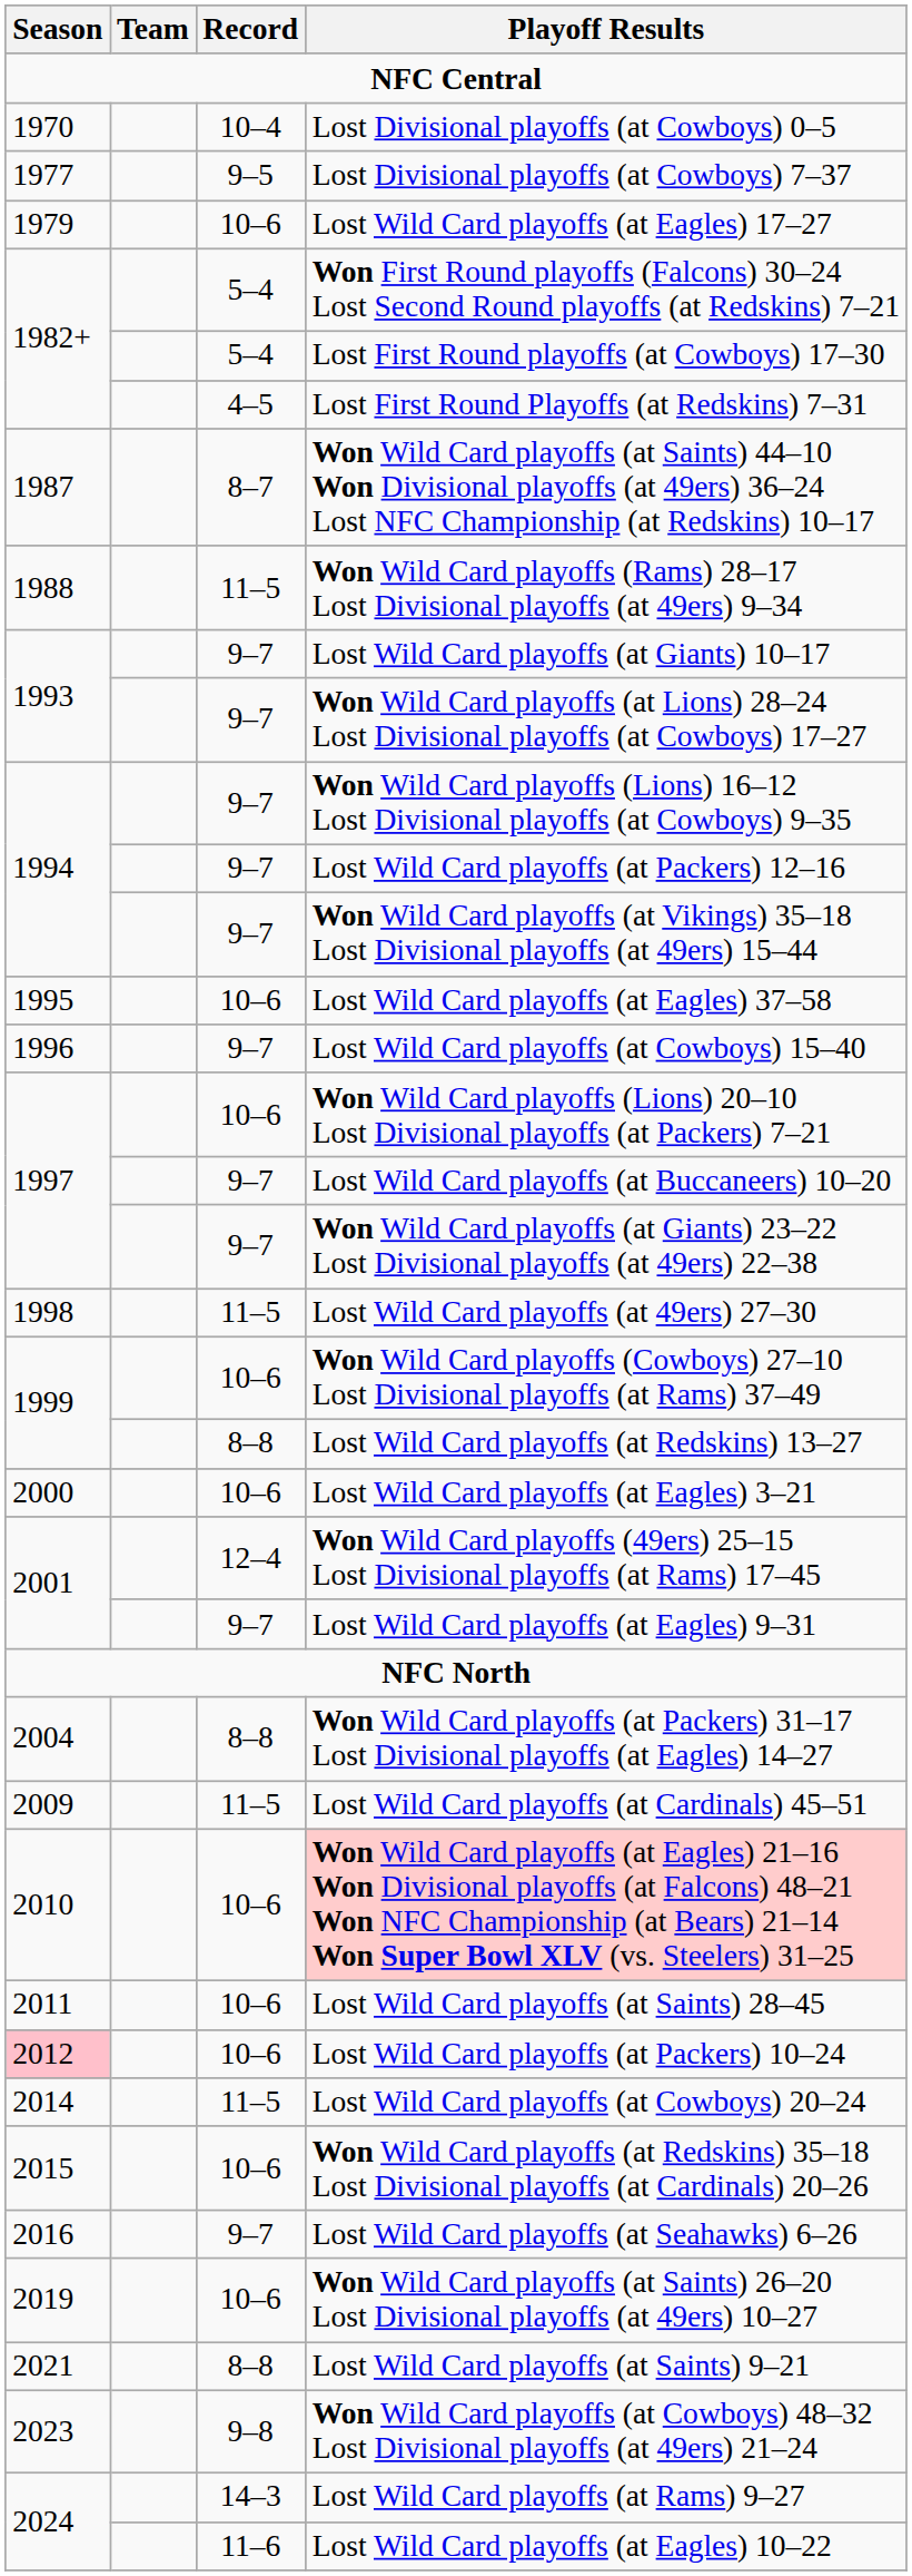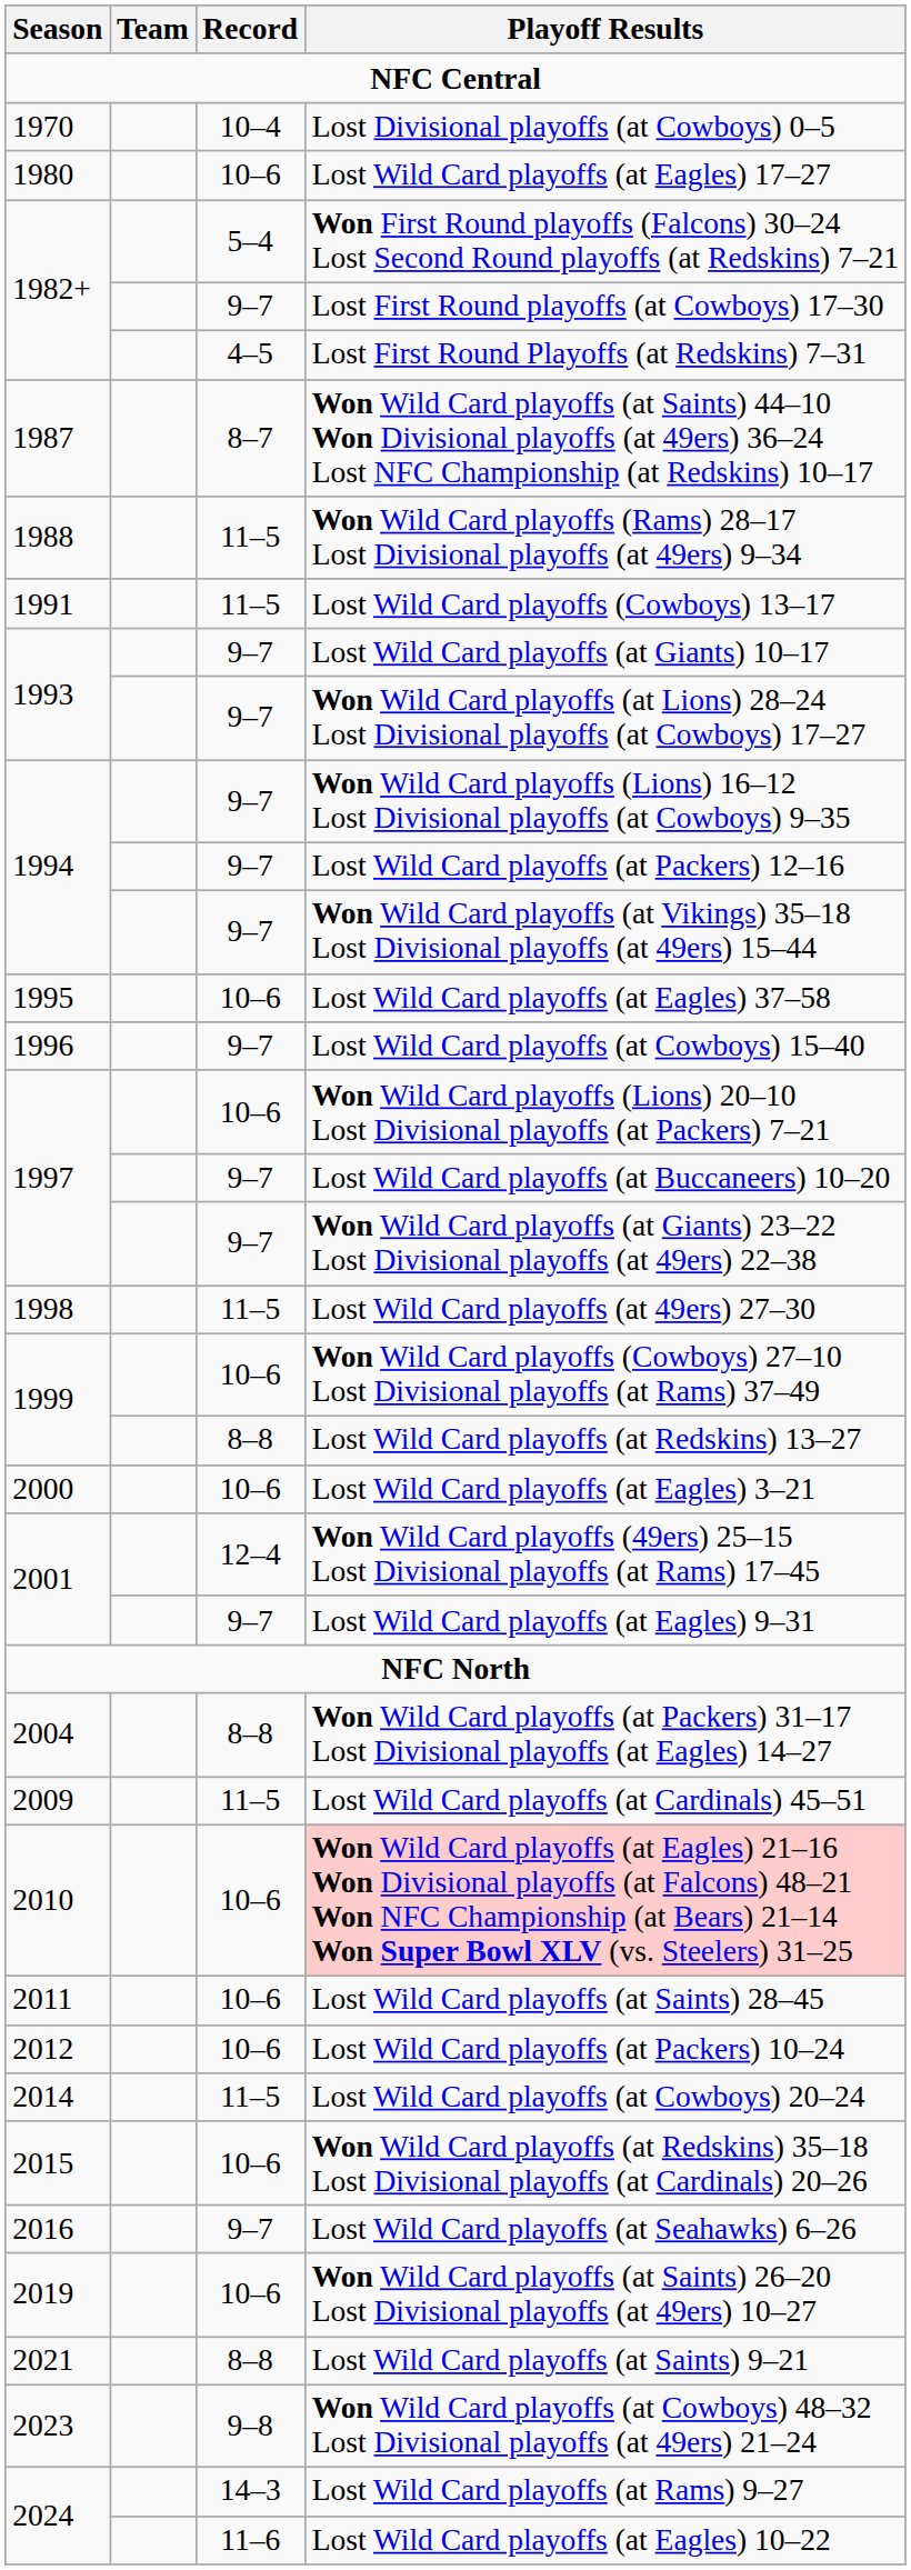 <table class="wikitable">
 <tr>
 <th>Season</th>
 <th>Team</th>
 <th>Record</th>
 <th>Playoff Results</th>
 </tr>
 <tr>
 <td colspan="4" align="center"><strong>NFC Central</strong></td>
 </tr>
 <tr>
 <td>1970</td>
 <td><strong><a href='#'></a></strong></td>
 <td align="center">10–4</td>
 <td>Lost <a href='#'>Divisional playoffs</a> (at <a href='#'>Cowboys</a>) 0–5</td>
 </tr>
 <tr>
-<td>1977</td>
-<td><strong><a href='#'></a></strong></td>
-<td align="center">9–5</td>
-<td>Lost <a href='#'>Divisional playoffs</a> (at <a href='#'>Cowboys</a>) 7–37</td>
-</tr>
-<tr>
-<td>1979</td>
+<td>1980</td>
 <td><strong><a href='#'></a></strong></td>
 <td align="center">10–6</td>
 <td>Lost <a href='#'>Wild Card playoffs</a> (at <a href='#'>Eagles</a>) 17–27</td>
 </tr>
 <tr>
 <td rowspan="3">1982+</td>
 <td><strong><a href='#'></a></strong></td>
 <td align="center">5–4</td>
 <td><strong>Won</strong> <a href='#'>First Round playoffs</a> (<a href='#'>Falcons</a>) 30–24<br>Lost <a href='#'>Second Round playoffs</a> (at <a href='#'>Redskins</a>) 7–21</td>
 </tr>
 <tr>
 <td><strong><a href='#'></a></strong></td>
-<td align="center">5–4</td>
+<td align="center">9–7</td>
 <td>Lost <a href='#'>First Round playoffs</a> (at <a href='#'>Cowboys</a>) 17–30</td>
 </tr>
 <tr>
 <td><strong><a href='#'></a></strong></td>
 <td align="center">4–5</td>
 <td>Lost <a href='#'>First Round Playoffs</a> (at <a href='#'>Redskins</a>) 7–31</td>
 </tr>
 <tr>
 <td>1987</td>
 <td><strong><a href='#'></a></strong></td>
 <td align="center">8–7</td>
 <td><strong>Won</strong> <a href='#'>Wild Card playoffs</a> (at <a href='#'>Saints</a>) 44–10<br><strong>Won</strong> <a href='#'>Divisional playoffs</a> (at <a href='#'>49ers</a>) 36–24<br>Lost <a href='#'>NFC Championship</a> (at <a href='#'>Redskins</a>) 10–17</td>
 </tr>
 <tr>
 <td>1988</td>
 <td><strong><a href='#'></a></strong></td>
 <td align="center">11–5</td>
 <td><strong>Won</strong> <a href='#'>Wild Card playoffs</a> (<a href='#'>Rams</a>) 28–17<br>Lost <a href='#'>Divisional playoffs</a> (at <a href='#'>49ers</a>) 9–34</td>
+</tr>
+<tr>
+<td>1991</td>
+<td><strong><a href='#'></a></strong></td>
+<td align="center">11–5</td>
+<td>Lost <a href='#'>Wild Card playoffs</a> (<a href='#'>Cowboys</a>) 13–17</td>
 </tr>
 <tr>
 <td rowspan="2">1993</td>
 <td><strong><a href='#'></a></strong></td>
 <td align="center">9–7</td>
 <td>Lost <a href='#'>Wild Card playoffs</a> (at <a href='#'>Giants</a>) 10–17</td>
 </tr>
 <tr>
 <td><strong><a href='#'></a></strong></td>
 <td align="center">9–7</td>
 <td><strong>Won</strong> <a href='#'>Wild Card playoffs</a> (at <a href='#'>Lions</a>) 28–24<br>Lost <a href='#'>Divisional playoffs</a> (at <a href='#'>Cowboys</a>) 17–27</td>
 </tr>
 <tr>
 <td rowspan="3">1994</td>
 <td><strong><a href='#'></a></strong></td>
 <td align="center">9–7</td>
 <td><strong>Won</strong> <a href='#'>Wild Card playoffs</a> (<a href='#'>Lions</a>) 16–12<br>Lost <a href='#'>Divisional playoffs</a> (at <a href='#'>Cowboys</a>) 9–35</td>
 </tr>
 <tr>
 <td><strong><a href='#'></a></strong></td>
 <td align="center">9–7</td>
 <td>Lost <a href='#'>Wild Card playoffs</a> (at <a href='#'>Packers</a>) 12–16</td>
 </tr>
 <tr>
 <td><strong><a href='#'></a></strong></td>
 <td align="center">9–7</td>
 <td><strong>Won</strong> <a href='#'>Wild Card playoffs</a> (at <a href='#'>Vikings</a>) 35–18<br>Lost <a href='#'>Divisional playoffs</a> (at <a href='#'>49ers</a>) 15–44</td>
 </tr>
 <tr>
 <td>1995</td>
 <td><strong><a href='#'></a></strong></td>
 <td align="center">10–6</td>
 <td>Lost <a href='#'>Wild Card playoffs</a> (at <a href='#'>Eagles</a>) 37–58</td>
 </tr>
 <tr>
 <td>1996</td>
 <td><strong><a href='#'></a></strong></td>
 <td align="center">9–7</td>
 <td>Lost <a href='#'>Wild Card playoffs</a> (at <a href='#'>Cowboys</a>) 15–40</td>
 </tr>
 <tr>
 <td rowspan="3">1997</td>
 <td><strong><a href='#'></a></strong></td>
 <td align="center">10–6</td>
 <td><strong>Won</strong> <a href='#'>Wild Card playoffs</a> (<a href='#'>Lions</a>) 20–10<br>Lost <a href='#'>Divisional playoffs</a> (at <a href='#'>Packers</a>) 7–21</td>
 </tr>
 <tr>
 <td><strong><a href='#'></a></strong></td>
 <td align="center">9–7</td>
 <td>Lost <a href='#'>Wild Card playoffs</a> (at <a href='#'>Buccaneers</a>) 10–20</td>
 </tr>
 <tr>
 <td><strong><a href='#'></a></strong></td>
 <td align="center">9–7</td>
 <td><strong>Won</strong> <a href='#'>Wild Card playoffs</a> (at <a href='#'>Giants</a>) 23–22<br>Lost <a href='#'>Divisional playoffs</a> (at <a href='#'>49ers</a>) 22–38</td>
 </tr>
 <tr>
 <td>1998</td>
 <td><strong><a href='#'></a></strong></td>
 <td align="center">11–5</td>
 <td>Lost <a href='#'>Wild Card playoffs</a> (at <a href='#'>49ers</a>) 27–30</td>
 </tr>
 <tr>
 <td rowspan="2">1999</td>
 <td><strong><a href='#'></a></strong></td>
 <td align="center">10–6</td>
 <td><strong>Won</strong> <a href='#'>Wild Card playoffs</a> (<a href='#'>Cowboys</a>) 27–10<br>Lost <a href='#'>Divisional playoffs</a> (at <a href='#'>Rams</a>) 37–49</td>
 </tr>
 <tr>
 <td><strong><a href='#'></a></strong></td>
 <td align="center">8–8</td>
 <td>Lost <a href='#'>Wild Card playoffs</a> (at <a href='#'>Redskins</a>) 13–27</td>
 </tr>
 <tr>
 <td>2000</td>
 <td><strong><a href='#'></a></strong></td>
 <td align="center">10–6</td>
 <td>Lost <a href='#'>Wild Card playoffs</a> (at <a href='#'>Eagles</a>) 3–21</td>
 </tr>
 <tr>
 <td rowspan="2">2001</td>
 <td><strong><a href='#'></a></strong></td>
 <td align="center">12–4</td>
 <td><strong>Won</strong> <a href='#'>Wild Card playoffs</a> (<a href='#'>49ers</a>) 25–15<br>Lost <a href='#'>Divisional playoffs</a> (at <a href='#'>Rams</a>) 17–45</td>
 </tr>
 <tr>
 <td><strong><a href='#'></a></strong></td>
 <td align="center">9–7</td>
 <td>Lost <a href='#'>Wild Card playoffs</a> (at <a href='#'>Eagles</a>) 9–31</td>
 </tr>
 <tr>
 <td colspan="4" align="center"><strong>NFC North</strong></td>
 </tr>
 <tr>
 <td>2004</td>
 <td><strong><a href='#'></a></strong></td>
 <td align="center">8–8</td>
 <td><strong>Won</strong> <a href='#'>Wild Card playoffs</a> (at <a href='#'>Packers</a>) 31–17<br>Lost <a href='#'>Divisional playoffs</a> (at <a href='#'>Eagles</a>) 14–27</td>
 </tr>
 <tr>
 <td>2009</td>
 <td><strong><a href='#'></a></strong></td>
 <td align="center">11–5</td>
 <td>Lost <a href='#'>Wild Card playoffs</a> (at <a href='#'>Cardinals</a>) 45–51 </td>
 </tr>
 <tr>
 <td>2010</td>
 <td><strong><a href='#'></a></strong></td>
 <td align="center">10–6</td>
 <td style="background: #FFCCCC;" valign="top"><strong>Won</strong> <a href='#'>Wild Card playoffs</a> (at <a href='#'>Eagles</a>) 21–16<br><strong>Won</strong> <a href='#'>Divisional playoffs</a> (at <a href='#'>Falcons</a>) 48–21<br><strong>Won</strong> <a href='#'>NFC Championship</a> (at <a href='#'>Bears</a>) 21–14<br><strong>Won <a href='#'>Super Bowl XLV</a></strong> (vs. <a href='#'>Steelers</a>) 31–25</td>
 </tr>
 <tr>
 <td>2011</td>
 <td><strong><a href='#'></a></strong></td>
 <td align="center">10–6</td>
 <td>Lost <a href='#'>Wild Card playoffs</a> (at <a href='#'>Saints</a>) 28–45</td>
 </tr>
 <tr>
-<td style="background: pink;">2012</td>
+<td>2012</td>
 <td><strong><a href='#'></a></strong></td>
 <td align="center">10–6</td>
 <td>Lost <a href='#'>Wild Card playoffs</a> (at <a href='#'>Packers</a>) 10–24</td>
 </tr>
 <tr>
 <td>2014</td>
 <td><strong><a href='#'></a></strong></td>
 <td align="center">11–5</td>
 <td>Lost <a href='#'>Wild Card playoffs</a> (at <a href='#'>Cowboys</a>) 20–24</td>
 </tr>
 <tr>
 <td>2015</td>
 <td><strong><a href='#'></a></strong></td>
 <td align="center">10–6</td>
 <td><strong>Won</strong> <a href='#'>Wild Card playoffs</a> (at <a href='#'>Redskins</a>) 35–18 <br> Lost <a href='#'>Divisional playoffs</a> (at <a href='#'>Cardinals</a>) 20–26 </td>
 </tr>
 <tr>
 <td>2016</td>
 <td><strong><a href='#'></a></strong></td>
 <td align="center">9–7</td>
 <td>Lost <a href='#'>Wild Card playoffs</a> (at <a href='#'>Seahawks</a>) 6–26</td>
 </tr>
 <tr>
 <td>2019</td>
 <td><strong><a href='#'></a></strong></td>
 <td align="center">10–6</td>
 <td><strong>Won</strong> <a href='#'>Wild Card playoffs</a> (at <a href='#'>Saints</a>) 26–20  <br>Lost <a href='#'>Divisional playoffs</a> (at <a href='#'>49ers</a>) 10–27</td>
 </tr>
 <tr>
 <td>2021</td>
 <td><strong><a href='#'></a></strong></td>
 <td align="center">8–8</td>
 <td>Lost <a href='#'>Wild Card playoffs</a> (at <a href='#'>Saints</a>) 9–21</td>
 </tr>
 <tr>
 <td>2023</td>
 <td><strong><a href='#'></a></strong></td>
 <td align="center">9–8</td>
 <td><strong>Won</strong> <a href='#'>Wild Card playoffs</a> (at <a href='#'>Cowboys</a>) 48–32 <br> Lost <a href='#'>Divisional playoffs</a> (at <a href='#'>49ers</a>) 21–24</td>
 </tr>
 <tr>
 <td rowspan="2">2024</td>
 <td><strong><a href='#'></a></strong></td>
 <td align="center">14–3</td>
 <td>Lost <a href='#'>Wild Card playoffs</a> (at <a href='#'>Rams</a>) 9–27</td>
 </tr>
 <tr>
 <td><strong><a href='#'></a></strong></td>
 <td align="center">11–6</td>
 <td>Lost <a href='#'>Wild Card playoffs</a> (at <a href='#'>Eagles</a>) 10–22</td>
 </tr>
 </table>
